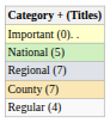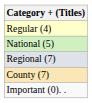 <table class="wikitable" style="display:inline-table;">
 <tr style="background:#ffc;">
 <th>Category + (Titles)</th>
 </tr>
 <tr style="background:#ffc;">
-<td>Important (0). .</td>
+<td>Regular (4)</td>
 </tr>
 <tr style="background:#d0f0c0">
 <td>National (5)</td>
 </tr>
 <tr style="background:#dfe2e9">
 <td>Regional (7)</td>
 </tr>
 <tr style="background:#fae7b5">
 <td>County (7)</td>
 </tr>
 <tr>
-<td>Regular (4)</td>
+<td>Important (0). .</td>
 </tr>
 </table>
